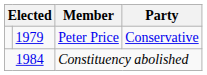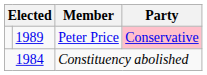 <table class="wikitable">
 <tr>
 <th colspan = "2">Elected</th>
 <th>Member</th>
 <th>Party</th>
 </tr>
 <tr>
 <td style="background-color: "></td>
-<td><a href='#'>1979</a></td>
+<td><a href='#'>1989</a></td>
 <td><a href='#'>Peter Price</a></td>
-<td><a href='#'>Conservative</a></td>
+<td style="background: pink;"><a href='#'>Conservative</a></td>
 </tr>
 <tr>
 <td colspan="2" align="center"><a href='#'>1984</a></td>
 <td colspan="2"><em>Constituency abolished</em></td>
 </tr>
 </table>
